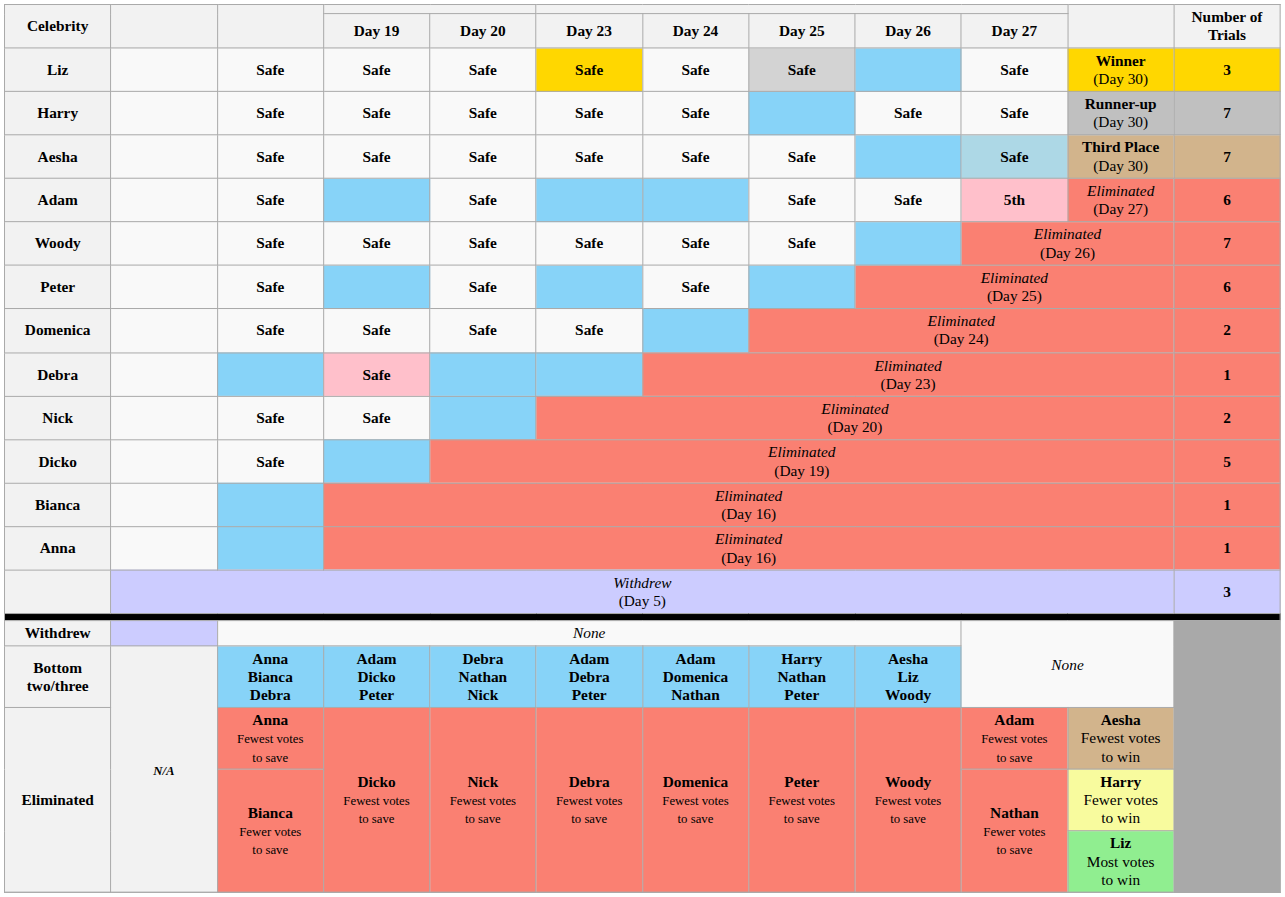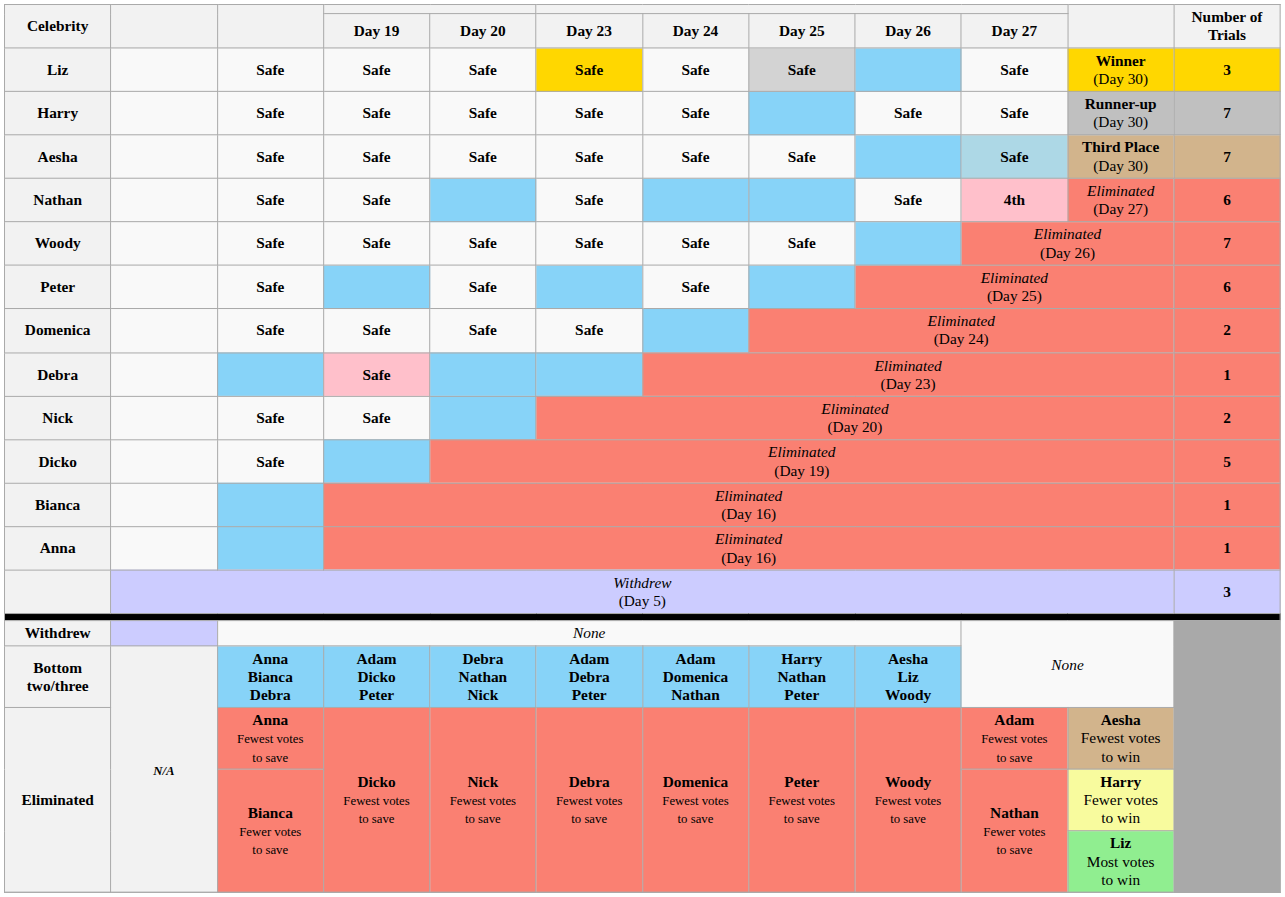 <table class="wikitable" style="text-align:center; font-size:95%; width:100%;">
 <tr>
 <th style="width:8%" rowspan="2">Celebrity</th>
 <th rowspan="2" style="width:8%"></th>
 <th rowspan="2" style="width:8%"></th>
 <th colspan="2" style="width:8%"></th>
 <th colspan="5" style="width:8%"></th>
 <th rowspan="2" style="width:8%"></th>
 <th rowspan="2" style="width:8%">Number of Trials</th>
 </tr>
 <tr>
 <th style="width:8%">Day 19</th>
 <th style="width:8%">Day 20</th>
 <th style="width:8%">Day 23</th>
 <th style="width:8%">Day 24</th>
 <th style="width:8%">Day 25</th>
 <th style="width:8%">Day 26</th>
 <th style="width:8%">Day 27</th>
 </tr>
 <tr>
 <th>Liz</th>
 <td></td>
 <td><strong>Safe</strong></td>
 <td><strong>Safe</strong></td>
 <td><strong>Safe</strong></td>
 <td style="background: gold;"><strong>Safe</strong></td>
 <td><strong>Safe</strong></td>
 <td style="background: lightgrey;"><strong>Safe</strong></td>
 <td style="background:#87D3F8"></td>
 <td><strong>Safe</strong></td>
 <td style="background:gold"><strong>Winner</strong><br>(Day 30)</td>
 <td style=background:gold><strong>3</strong></td>
 </tr>
 <tr>
 <th>Harry</th>
 <td></td>
 <td><strong>Safe</strong></td>
 <td><strong>Safe</strong></td>
 <td><strong>Safe</strong></td>
 <td><strong>Safe</strong></td>
 <td><strong>Safe</strong></td>
 <td style="background:#87D3F8"></td>
 <td><strong>Safe</strong></td>
 <td><strong>Safe</strong></td>
 <td style="background:silver"><strong>Runner-up</strong><br>(Day 30)</td>
 <td style=background:silver><strong>7</strong></td>
 </tr>
 <tr>
 <th>Aesha</th>
 <td></td>
 <td><strong>Safe</strong></td>
 <td><strong>Safe</strong></td>
 <td><strong>Safe</strong></td>
 <td><strong>Safe</strong></td>
 <td><strong>Safe</strong></td>
 <td><strong>Safe</strong></td>
 <td style="background:#87D3F8"></td>
 <td style="background: lightblue;"><strong>Safe</strong></td>
 <td style="background:tan"><strong>Third Place</strong><br>(Day 30)</td>
 <td style=background:tan><strong>7</strong></td>
 </tr>
 <tr>
-<th>Adam</th>
+<th>Nathan</th>
 <td></td>
+<td><strong>Safe</strong></td>
 <td><strong>Safe</strong></td>
 <td style="background:#87D3F8"></td>
 <td><strong>Safe</strong></td>
 <td style="background:#87D3F8"></td>
 <td style="background:#87D3F8"></td>
 <td><strong>Safe</strong></td>
-<td><strong>Safe</strong></td>
-<td style=background:pink><strong>5th</strong></td>
+<td style=background:pink><strong>4th</strong></td>
 <td style=background:salmon><em>Eliminated</em><br>(Day 27)</td>
 <td style=background:salmon><strong>6</strong></td>
 </tr>
 <tr>
 <th>Woody</th>
 <td></td>
 <td><strong>Safe</strong></td>
 <td><strong>Safe</strong></td>
 <td><strong>Safe</strong></td>
 <td><strong>Safe</strong></td>
 <td><strong>Safe</strong></td>
 <td><strong>Safe</strong></td>
 <td style="background:#87D3F8"></td>
 <td colspan="2" style=background:salmon><em>Eliminated</em><br>(Day 26)</td>
 <td style=background:salmon><strong>7</strong></td>
 </tr>
 <tr>
 <th>Peter</th>
 <td></td>
 <td><strong>Safe</strong></td>
 <td style="background:#87D3F8"></td>
 <td><strong>Safe</strong></td>
 <td style="background:#87D3F8"></td>
 <td><strong>Safe</strong></td>
 <td style="background:#87D3F8"></td>
 <td colspan="3" style=background:salmon><em>Eliminated</em><br>(Day 25)</td>
 <td style=background:salmon><strong>6</strong></td>
 </tr>
 <tr>
 <th>Domenica</th>
 <td></td>
 <td><strong>Safe</strong></td>
 <td><strong>Safe</strong></td>
 <td><strong>Safe</strong></td>
 <td><strong>Safe</strong></td>
 <td style="background:#87D3F8"></td>
 <td colspan="4" style=background:salmon><em>Eliminated</em><br>(Day 24)</td>
 <td style=background:salmon><strong>2</strong></td>
 </tr>
 <tr>
 <th>Debra</th>
 <td></td>
 <td style="background:#87D3F8"></td>
 <td style="background: pink;"><strong>Safe</strong></td>
 <td style="background:#87D3F8"></td>
 <td style="background:#87D3F8"></td>
 <td colspan="5" style=background:salmon><em>Eliminated</em><br>(Day 23)</td>
 <td style=background:salmon><strong>1</strong></td>
 </tr>
 <tr>
 <th>Nick</th>
 <td><em></em></td>
 <td><strong>Safe</strong></td>
 <td><strong>Safe</strong></td>
 <td style="background:#87D3F8"></td>
 <td colspan="6" style=background:salmon><em>Eliminated</em><br>(Day 20)</td>
 <td style="background:salmon"><strong>2</strong></td>
 </tr>
 <tr>
 <th>Dicko</th>
 <td></td>
 <td><strong>Safe</strong></td>
 <td style="background:#87D3F8"></td>
 <td colspan="7" style=background:salmon><em>Eliminated</em><br>(Day 19)</td>
 <td style=background:salmon><strong>5</strong></td>
 </tr>
 <tr>
 <th>Bianca</th>
 <td></td>
 <td style="background:#87D3F8"></td>
 <td colspan="8" style=background:salmon><em>Eliminated</em><br>(Day 16)</td>
 <td style=background:salmon><strong>1</strong></td>
 </tr>
 <tr>
 <th>Anna</th>
 <td></td>
 <td style="background:#87D3F8"></td>
 <td colspan="8" style=background:salmon><em>Eliminated</em><br>(Day 16)</td>
 <td style=background:salmon><strong>1</strong></td>
 </tr>
 <tr>
 <th></th>
 <td style="background:#ccf; text-align:center;" colspan="10"><em>Withdrew</em><br>(Day 5)</td>
 <td style="background:#ccf"><strong>3</strong></td>
 </tr>
 <tr>
 <td style="background:#000;" colspan="12"></td>
 </tr>
 <tr>
 <th>Withdrew</th>
 <th style="background:#ccf"></th>
 <td colspan="7"><em>None</em></td>
 <td rowspan="2" colspan="2"><em>None</em></td>
 <td rowspan="6" style="background:darkgrey"></td>
 </tr>
 <tr>
 <th>Bottom two/three</th>
 <th rowspan="5"><small><em>N/A</em></small></th>
 <th style="background:#87D3F8">Anna<br>Bianca<br>Debra</th>
 <th style="background:#87D3F8">Adam<br>Dicko<br>Peter</th>
 <th style="background:#87D3F8">Debra<br>Nathan<br>Nick</th>
 <th style="background:#87D3F8">Adam<br>Debra<br>Peter</th>
 <th style="background:#87D3F8">Adam<br>Domenica<br>Nathan</th>
 <th style="background:#87D3F8">Harry<br>Nathan<br>Peter</th>
 <th style="background:#87D3F8">Aesha<br>Liz<br>Woody</th>
 </tr>
 <tr>
 <th rowspan="4">Eliminated</th>
 <td style=background:salmon rowspan="2"><strong>Anna</strong><br><small>Fewest votes<br>to save</small></td>
 <td style=background:salmon rowspan="4"><strong>Dicko</strong><br><small>Fewest votes<br>to save</small></td>
 <td style=background:salmon rowspan="4"><strong>Nick</strong><br><small>Fewest votes<br>to save</small></td>
 <td style=background:salmon rowspan="4"><strong>Debra</strong><br><small>Fewest votes<br>to save</small></td>
 <td style=background:salmon rowspan="4"><strong>Domenica</strong><br><small>Fewest votes<br>to save</small></td>
 <td style=background:salmon rowspan="4"><strong>Peter</strong><br><small>Fewest votes<br>to save</small></td>
 <td style=background:salmon rowspan="4"><strong>Woody</strong><br><small>Fewest votes<br>to save</small></td>
 <td style=background:salmon rowspan="2"><strong>Adam</strong><br><small>Fewest votes<br>to save</small></td>
 <td style="background:tan"><strong>Aesha</strong><br>Fewest votes <br>to win</td>
 </tr>
 <tr>
 <td style=background:#F8FB9E rowspan="2"><strong>Harry</strong><br>Fewer votes <br>to win</td>
 </tr>
 <tr>
 <td style=background:salmon rowspan="2"><strong>Bianca</strong><br><small>Fewer votes<br>to save</small></td>
 <td style=background:salmon rowspan="2"><strong>Nathan</strong><br><small>Fewer votes<br>to save</small></td>
 </tr>
 <tr>
 <td style=background:lightgreen><strong>Liz</strong><br>Most votes <br>to win</td>
 </tr>
 <tr>
 </tr>
 </table>
